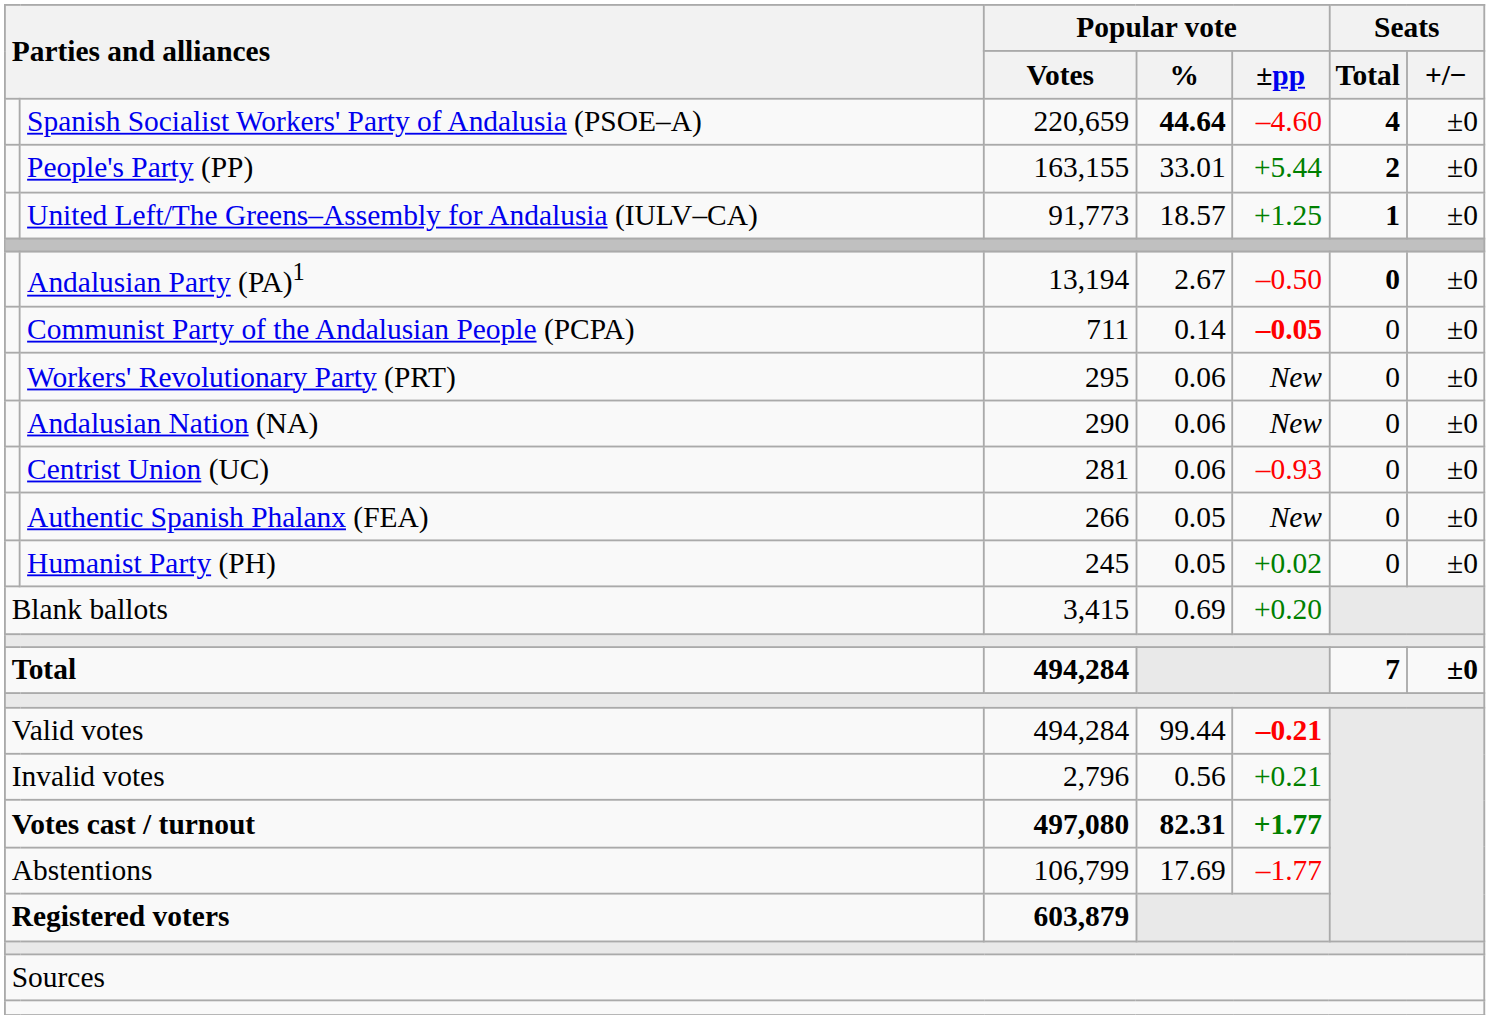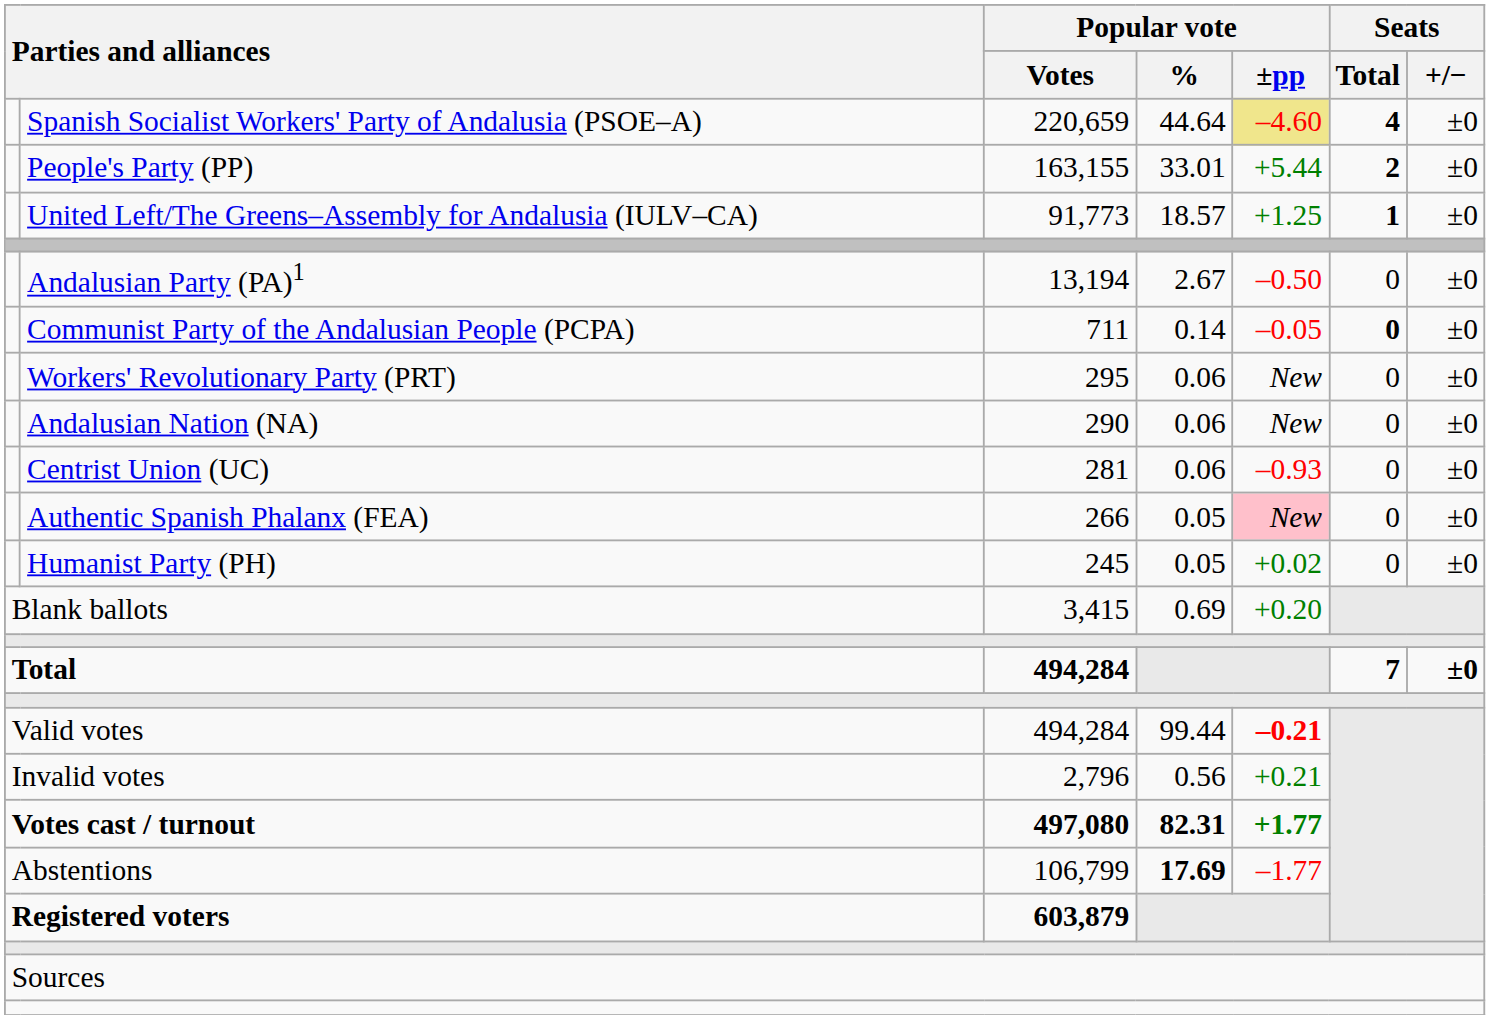 <table class="wikitable" style="text-align:right;">
 <tr>
 <th style="text-align:left;" rowspan="2" colspan="2" width="525">Parties and alliances</th>
 <th colspan="3">Popular vote</th>
 <th colspan="2">Seats</th>
 </tr>
 <tr>
 <th width="75">Votes</th>
 <th width="45">%</th>
 <th width="45">±<a href='#'>pp</a></th>
 <th width="35">Total</th>
 <th width="35">+/−</th>
 </tr>
 <tr>
 <td width="1" style="color:inherit;background:"></td>
 <td align="left"><a href='#'>Spanish Socialist Workers' Party of Andalusia</a> (PSOE–A)</td>
 <td>220,659</td>
-<td><strong>44.64</strong></td>
-<td style="color:red;">–4.60</td>
+<td>44.64</td>
+<td style="background: khaki; color:red;">–4.60</td>
 <td><strong>4</strong></td>
 <td>±0</td>
 </tr>
 <tr>
 <td style="color:inherit;background:"></td>
 <td align="left"><a href='#'>People's Party</a> (PP)</td>
 <td>163,155</td>
 <td>33.01</td>
 <td style="color:green;">+5.44</td>
 <td><strong>2</strong></td>
 <td>±0</td>
 </tr>
 <tr>
 <td style="color:inherit;background:"></td>
 <td align="left"><a href='#'>United Left/The Greens–Assembly for Andalusia</a> (IULV–CA)</td>
 <td>91,773</td>
 <td>18.57</td>
 <td style="color:green;">+1.25</td>
 <td><strong>1</strong></td>
 <td>±0</td>
 </tr>
 <tr>
 <td colspan="7" bgcolor="#C0C0C0"></td>
 </tr>
 <tr>
 <td style="color:inherit;background:"></td>
 <td align="left"><a href='#'>Andalusian Party</a> (PA)<sup>1</sup></td>
 <td>13,194</td>
 <td>2.67</td>
 <td style="color:red;">–0.50</td>
-<td><strong>0</strong></td>
+<td>0</td>
 <td>±0</td>
 </tr>
 <tr>
 <td style="color:inherit;background:"></td>
 <td align="left"><a href='#'>Communist Party of the Andalusian People</a> (PCPA)</td>
 <td>711</td>
 <td>0.14</td>
-<td style="color:red;"><strong>–0.05</strong></td>
-<td>0</td>
+<td style="color:red;">–0.05</td>
+<td><strong>0</strong></td>
 <td>±0</td>
 </tr>
 <tr>
 <td style="color:inherit;background:"></td>
 <td align="left"><a href='#'>Workers' Revolutionary Party</a> (PRT)</td>
 <td>295</td>
 <td>0.06</td>
 <td><em>New</em></td>
 <td>0</td>
 <td>±0</td>
 </tr>
 <tr>
 <td style="color:inherit;background:"></td>
 <td align="left"><a href='#'>Andalusian Nation</a> (NA)</td>
 <td>290</td>
 <td>0.06</td>
 <td><em>New</em></td>
 <td>0</td>
 <td>±0</td>
 </tr>
 <tr>
 <td style="color:inherit;background:"></td>
 <td align="left"><a href='#'>Centrist Union</a> (UC)</td>
 <td>281</td>
 <td>0.06</td>
 <td style="color:red;">–0.93</td>
 <td>0</td>
 <td>±0</td>
 </tr>
 <tr>
 <td style="color:inherit;background:"></td>
 <td align="left"><a href='#'>Authentic Spanish Phalanx</a> (FEA)</td>
 <td>266</td>
 <td>0.05</td>
-<td><em>New</em></td>
+<td style="background: pink;"><em>New</em></td>
 <td>0</td>
 <td>±0</td>
 </tr>
 <tr>
 <td style="color:inherit;background:"></td>
 <td align="left"><a href='#'>Humanist Party</a> (PH)</td>
 <td>245</td>
 <td>0.05</td>
 <td style="color:green;">+0.02</td>
 <td>0</td>
 <td>±0</td>
 </tr>
 <tr>
 <td align="left" colspan="2">Blank ballots</td>
 <td>3,415</td>
 <td>0.69</td>
 <td style="color:green;">+0.20</td>
 <td bgcolor="#E9E9E9" colspan="2"></td>
 </tr>
 <tr>
 <td colspan="7" bgcolor="#E9E9E9"></td>
 </tr>
 <tr style="font-weight:bold;">
 <td align="left" colspan="2">Total</td>
 <td>494,284</td>
 <td bgcolor="#E9E9E9" colspan="2"></td>
 <td>7</td>
 <td>±0</td>
 </tr>
 <tr>
 <td colspan="7" bgcolor="#E9E9E9"></td>
 </tr>
 <tr>
 <td align="left" colspan="2">Valid votes</td>
 <td>494,284</td>
 <td>99.44</td>
 <td style="color:red;"><strong>–0.21</strong></td>
 <td bgcolor="#E9E9E9" colspan="2" rowspan="5"></td>
 </tr>
 <tr>
 <td align="left" colspan="2">Invalid votes</td>
 <td>2,796</td>
 <td>0.56</td>
 <td style="color:green;">+0.21</td>
 </tr>
 <tr style="font-weight:bold;">
 <td align="left" colspan="2">Votes cast / turnout</td>
 <td>497,080</td>
 <td>82.31</td>
 <td style="color:green;">+1.77</td>
 </tr>
 <tr>
 <td align="left" colspan="2">Abstentions</td>
 <td>106,799</td>
-<td>17.69</td>
+<td><strong>17.69</strong></td>
 <td style="color:red;">–1.77</td>
 </tr>
 <tr style="font-weight:bold;">
 <td align="left" colspan="2">Registered voters</td>
 <td>603,879</td>
 <td bgcolor="#E9E9E9" colspan="2"></td>
 </tr>
 <tr>
 <td colspan="7" bgcolor="#E9E9E9"></td>
 </tr>
 <tr>
 <td align="left" colspan="7">Sources</td>
 </tr>
 <tr>
 <td colspan="7" style="text-align:left; max-width:790px;"></td>
 </tr>
 </table>
